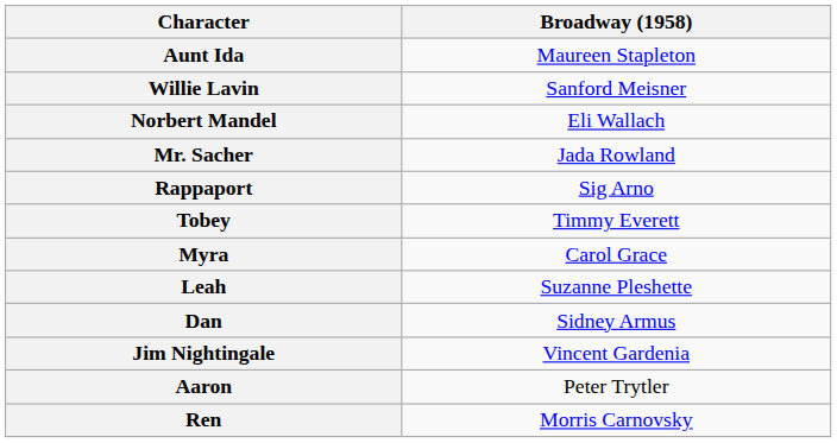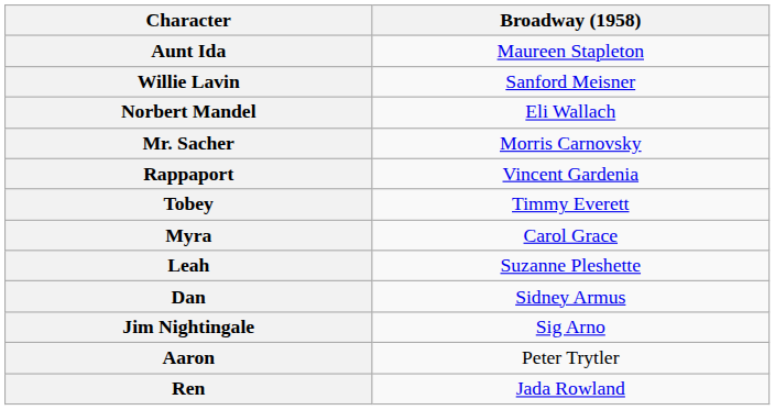 <table class="wikitable" style="width:50%; text-align:center">
 <tr>
 <th scope="col">Character</th>
 <th>Broadway (1958)</th>
 </tr>
 <tr>
 <th>Aunt Ida</th>
 <td colspan="1"><a href='#'>Maureen Stapleton</a></td>
 </tr>
 <tr>
 <th>Willie Lavin</th>
 <td colspan="1”"><a href='#'>Sanford Meisner</a></td>
 </tr>
 <tr>
 <th>Norbert Mandel</th>
 <td colspan="1”"><a href='#'>Eli Wallach</a></td>
 </tr>
 <tr>
 <th>Mr. Sacher</th>
-<td colspan="1"><a href='#'>Jada Rowland</a></td>
+<td colspan="1"><a href='#'>Morris Carnovsky</a></td>
 </tr>
 <tr>
 <th>Rappaport</th>
-<td colspan="1"><a href='#'>Sig Arno</a></td>
+<td colspan="1"><a href='#'>Vincent Gardenia</a></td>
 </tr>
 <tr>
 <th>Tobey</th>
 <td colspan="1"><a href='#'>Timmy Everett</a></td>
 </tr>
 <tr>
 <th>Myra</th>
 <td colspan="1"><a href='#'>Carol Grace</a></td>
 </tr>
 <tr>
 <th>Leah</th>
 <td colspan="1"><a href='#'>Suzanne Pleshette</a></td>
 </tr>
 <tr>
 <th>Dan</th>
 <td colspan="1"><a href='#'>Sidney Armus</a></td>
 </tr>
 <tr>
 <th>Jim Nightingale</th>
-<td colspan="1"><a href='#'>Vincent Gardenia</a></td>
+<td colspan="1"><a href='#'>Sig Arno</a></td>
 </tr>
 <tr>
 <th>Aaron</th>
 <td colspan="1">Peter Trytler</td>
 </tr>
 <tr>
 <th>Ren</th>
-<td colspan="1"><a href='#'>Morris Carnovsky</a></td>
+<td colspan="1"><a href='#'>Jada Rowland</a></td>
 </tr>
 </table>
